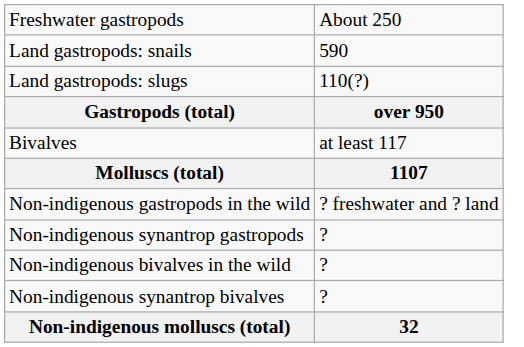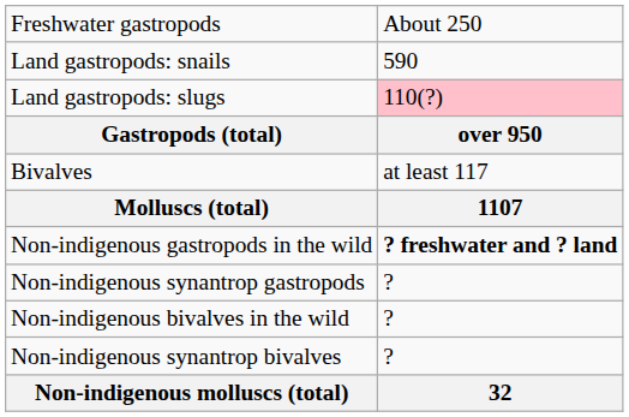 <table class="wikitable">
 <tr>
 <td>Freshwater gastropods</td>
 <td>About 250</td>
 </tr>
 <tr>
 <td>Land gastropods: snails</td>
 <td>590</td>
 </tr>
 <tr>
 <td>Land gastropods: slugs</td>
-<td>110(?)</td>
+<td style="background: pink;">110(?)</td>
 </tr>
 <tr>
 <th>Gastropods (total)</th>
 <th>over 950</th>
 </tr>
 <tr>
 <td>Bivalves</td>
 <td>at least 117</td>
 </tr>
 <tr>
 <th>Molluscs (total)</th>
 <th>1107</th>
 </tr>
 <tr>
 <td>Non-indigenous gastropods in the wild</td>
-<td>? freshwater and ? land</td>
+<td><strong>? freshwater and ? land</strong></td>
 </tr>
 <tr>
 <td>Non-indigenous synantrop gastropods</td>
 <td>?</td>
 </tr>
 <tr>
 <td>Non-indigenous bivalves in the wild</td>
 <td>?</td>
 </tr>
 <tr>
 <td>Non-indigenous synantrop bivalves</td>
 <td>?</td>
 </tr>
 <tr>
 <th>Non-indigenous molluscs (total)</th>
 <th>32</th>
 </tr>
 </table>
